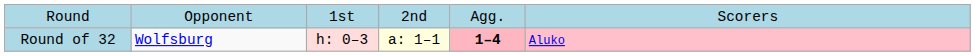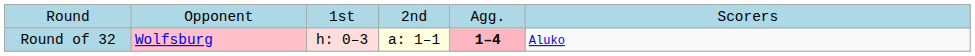 <table class="wikitable" style="text-align:center">
 <tr bgcolor=lightblue>
 <td width=150px>Round</td>
 <td width=200px>Opponent</td>
 <td width=80px>1st</td>
 <td width=80px>2nd</td>
 <td width=80px>Agg.</td>
 <td width=600px>Scorers</td>
 </tr>
 <tr>
 <td bgcolor=lightblue>Round of 32</td>
-<td align=left> <a href='#'>Wolfsburg</a></td>
+<td align=left style="background: pink;"> <a href='#'>Wolfsburg</a></td>
 <td bgcolor="#ffdddd">h: 0–3</td>
 <td bgcolor="#ffffdd">a: 1–1</td>
 <td bgcolor=lightpink><strong>1–4</strong></td>
-<td align=left style="background: pink;"><small><a href='#'>Aluko</a></small></td>
+<td align=left><small><a href='#'>Aluko</a></small></td>
 </tr>
 </table>
